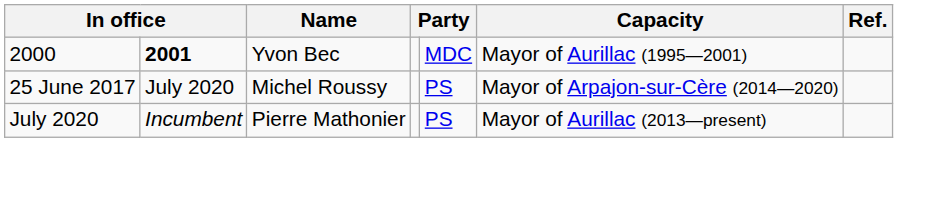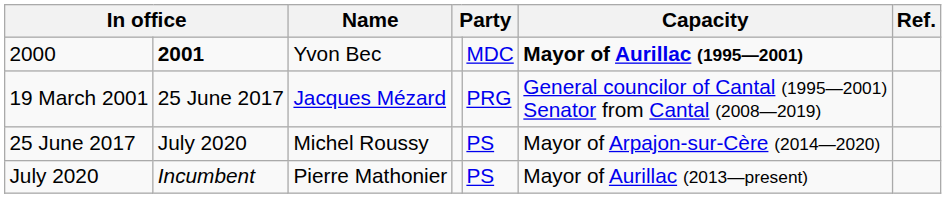 <table class="wikitable">
 <tr>
 <th colspan="2">In office</th>
 <th>Name</th>
 <th colspan="2">Party</th>
 <th>Capacity</th>
 <th>Ref.</th>
 </tr>
 <tr>
 <td>2000</td>
 <td><strong>2001</strong></td>
 <td>Yvon Bec</td>
 <td style="background:"></td>
 <td><a href='#'>MDC</a></td>
-<td>Mayor of <a href='#'>Aurillac</a> <small>(1995—2001)</small></td>
+<td><strong>Mayor of <a href='#'>Aurillac</a> <small>(1995—2001)</small></strong></td>
+<td></td>
+</tr>
+<tr>
+<td>19 March 2001</td>
+<td>25 June 2017</td>
+<td><a href='#'>Jacques Mézard</a></td>
+<td style="background:"></td>
+<td><a href='#'>PRG</a></td>
+<td><a href='#'>General councilor of Cantal</a> <small>(1995—2001)</small><br><a href='#'>Senator</a> from <a href='#'>Cantal</a> <small>(2008—2019)</small></td>
 <td></td>
 </tr>
 <tr>
 <td>25 June 2017</td>
 <td>July 2020</td>
 <td>Michel Roussy</td>
 <td style="background:"></td>
 <td><a href='#'>PS</a></td>
 <td>Mayor of <a href='#'>Arpajon-sur-Cère</a> <small>(2014—2020)</small></td>
 <td></td>
 </tr>
 <tr>
 <td>July 2020</td>
 <td><em>Incumbent</em></td>
 <td>Pierre Mathonier</td>
 <td style="background:"></td>
 <td><a href='#'>PS</a></td>
 <td>Mayor of <a href='#'>Aurillac</a> <small>(2013—present)</small></td>
 <td></td>
 </tr>
 </table>
